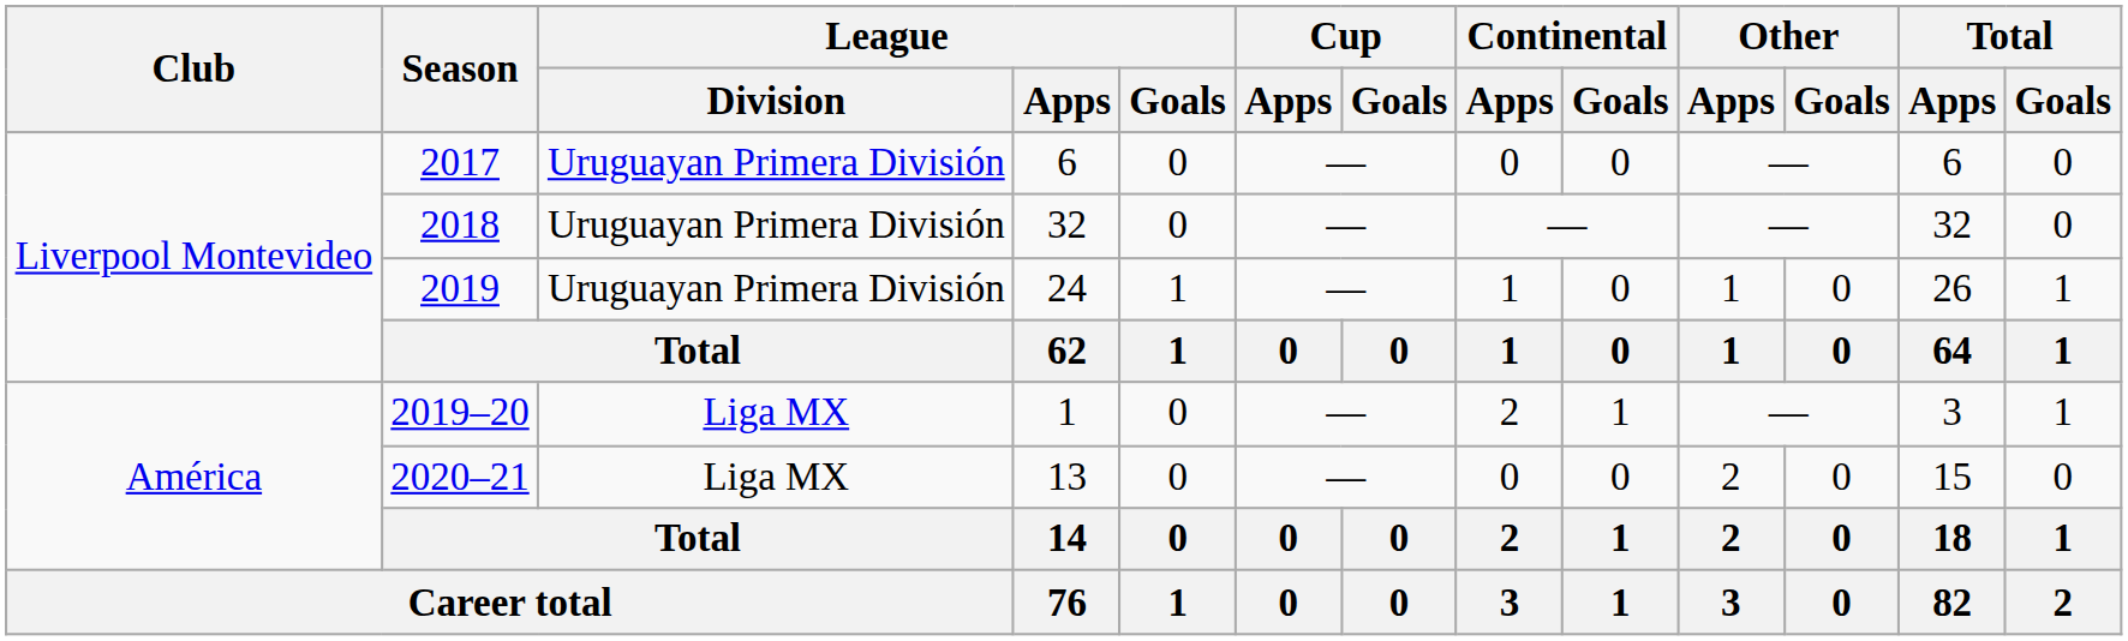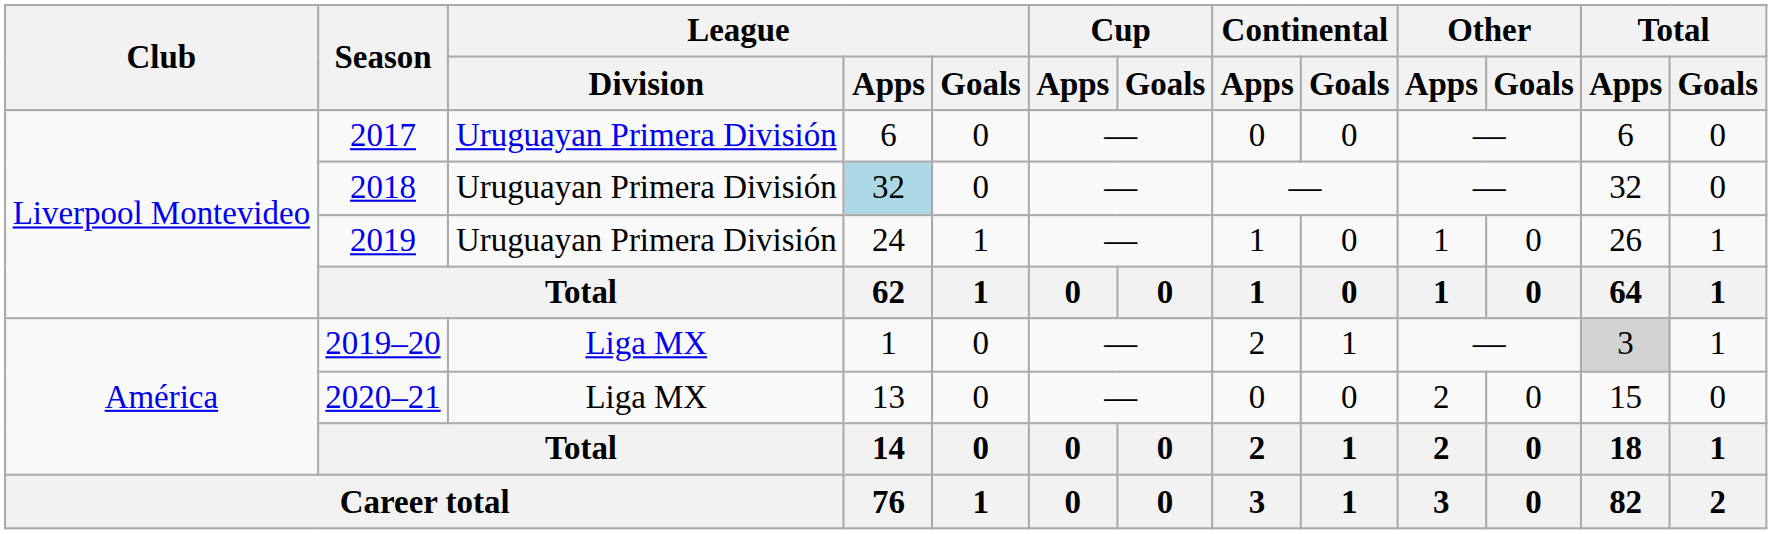 <table class="wikitable" style="text-align:center">
 <tr>
 <th rowspan="2">Club</th>
 <th rowspan="2">Season</th>
 <th colspan="3">League</th>
 <th colspan="2">Cup</th>
 <th colspan="2">Continental</th>
 <th colspan="2">Other</th>
 <th colspan="2">Total</th>
 </tr>
 <tr>
 <th>Division</th>
 <th>Apps</th>
 <th>Goals</th>
 <th>Apps</th>
 <th>Goals</th>
 <th>Apps</th>
 <th>Goals</th>
 <th>Apps</th>
 <th>Goals</th>
 <th>Apps</th>
 <th>Goals</th>
 </tr>
 <tr>
 <td rowspan="4"><a href='#'>Liverpool Montevideo</a></td>
 <td><a href='#'>2017</a></td>
 <td><a href='#'>Uruguayan Primera División</a></td>
 <td>6</td>
 <td>0</td>
 <td colspan="2">—</td>
 <td>0</td>
 <td>0</td>
 <td colspan="2">—</td>
 <td>6</td>
 <td>0</td>
 </tr>
 <tr>
 <td><a href='#'>2018</a></td>
 <td>Uruguayan Primera División</td>
-<td>32</td>
+<td style="background: lightblue;">32</td>
 <td>0</td>
 <td colspan="2">—</td>
 <td colspan="2">—</td>
 <td colspan="2">—</td>
 <td>32</td>
 <td>0</td>
 </tr>
 <tr>
 <td><a href='#'>2019</a></td>
 <td>Uruguayan Primera División</td>
 <td>24</td>
 <td>1</td>
 <td colspan="2">—</td>
 <td>1</td>
 <td>0</td>
 <td>1</td>
 <td>0</td>
 <td>26</td>
 <td>1</td>
 </tr>
 <tr>
 <th colspan="2">Total</th>
 <th>62</th>
 <th>1</th>
 <th>0</th>
 <th>0</th>
 <th>1</th>
 <th>0</th>
 <th>1</th>
 <th>0</th>
 <th>64</th>
 <th>1</th>
 </tr>
 <tr>
 <td rowspan="3"><a href='#'>América</a></td>
 <td><a href='#'>2019–20</a></td>
 <td><a href='#'>Liga MX</a></td>
 <td>1</td>
 <td>0</td>
 <td colspan="2">—</td>
 <td>2</td>
 <td>1</td>
 <td colspan="2">—</td>
-<td>3</td>
+<td style="background: lightgrey;">3</td>
 <td>1</td>
 </tr>
 <tr>
 <td><a href='#'>2020–21</a></td>
 <td>Liga MX</td>
 <td>13</td>
 <td>0</td>
 <td colspan="2">—</td>
 <td>0</td>
 <td>0</td>
 <td>2</td>
 <td>0</td>
 <td>15</td>
 <td>0</td>
 </tr>
 <tr>
 <th colspan="2">Total</th>
 <th>14</th>
 <th>0</th>
 <th>0</th>
 <th>0</th>
 <th>2</th>
 <th>1</th>
 <th>2</th>
 <th>0</th>
 <th>18</th>
 <th>1</th>
 </tr>
 <tr>
 <th colspan="3">Career total</th>
 <th>76</th>
 <th>1</th>
 <th>0</th>
 <th>0</th>
 <th>3</th>
 <th>1</th>
 <th>3</th>
 <th>0</th>
 <th>82</th>
 <th>2</th>
 </tr>
 </table>
